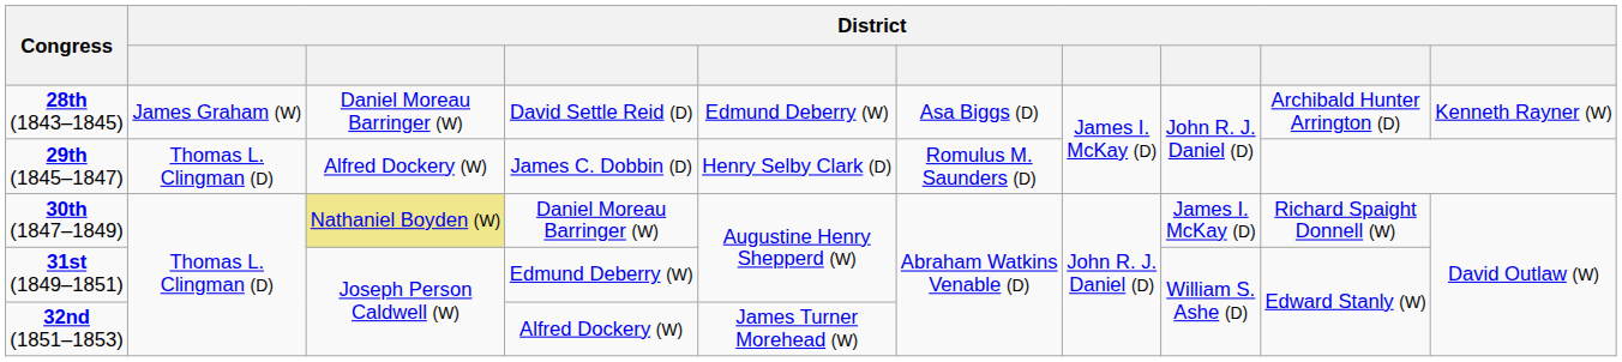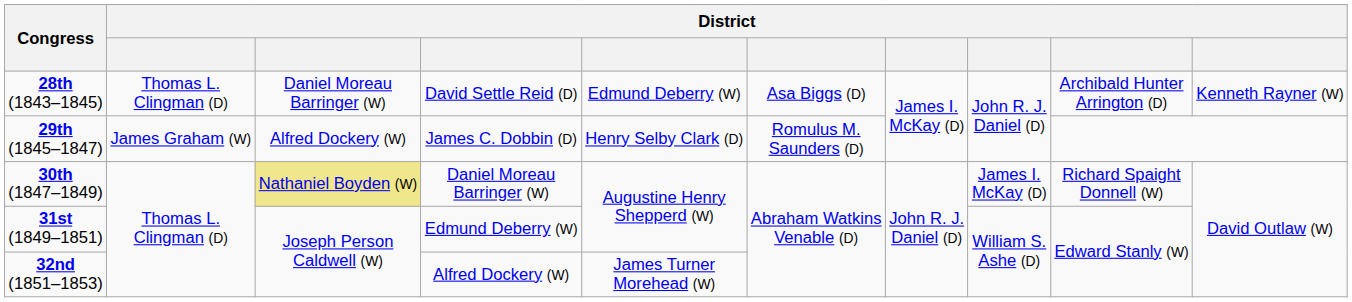 <table class=wikitable style="text-align:center">
 <tr style="height:2em">
 <th rowspan=2>Con­gress</th>
 <th colspan=9>District</th>
 </tr>
 <tr style="height:2em">
 <th></th>
 <th></th>
 <th></th>
 <th></th>
 <th></th>
 <th></th>
 <th></th>
 <th></th>
 <th></th>
 </tr>
 <tr style="height:2em">
 <td><strong><a href='#'>28th</a></strong><br>(1843–1845)</td>
-<td><a href='#'>James Graham</a> <small>(W)</small></td>
+<td><a href='#'>Thomas L.<br>Clingman</a> <small>(D)</small></td>
 <td><a href='#'>Daniel Moreau<br>Barringer</a> <small>(W)</small></td>
 <td><a href='#'>David Settle Reid</a> <small>(D)</small></td>
 <td><a href='#'>Edmund Deberry</a> <small>(W)</small></td>
 <td><a href='#'>Asa Biggs</a> <small>(D)</small></td>
 <td rowspan=2 ><a href='#'>James I.<br>McKay</a> <small>(D)</small></td>
 <td rowspan=2 ><a href='#'>John R. J.<br>Daniel</a> <small>(D)</small></td>
 <td><a href='#'>Archibald Hunter<br>Arrington</a> <small>(D)</small></td>
 <td><a href='#'>Kenneth Rayner</a> <small>(W)</small></td>
 </tr>
 <tr style="height:2em">
 <td><strong><a href='#'>29th</a></strong><br>(1845–1847)</td>
-<td><a href='#'>Thomas L.<br>Clingman</a> <small>(D)</small></td>
+<td><a href='#'>James Graham</a> <small>(W)</small></td>
 <td><a href='#'>Alfred Dockery</a> <small>(W)</small></td>
 <td><a href='#'>James C. Dobbin</a> <small>(D)</small></td>
 <td><a href='#'>Henry Selby Clark</a> <small>(D)</small></td>
 <td><a href='#'>Romulus M.<br>Saunders</a> <small>(D)</small></td>
 </tr>
 <tr style="height:2em">
 <td><strong><a href='#'>30th</a></strong><br>(1847–1849)</td>
 <td rowspan=3 ><a href='#'>Thomas L.<br>Clingman</a> <small>(D)</small></td>
 <td style="background: khaki;"><a href='#'>Nathaniel Boyden</a> <small>(W)</small></td>
 <td><a href='#'>Daniel Moreau<br>Barringer</a> <small>(W)</small></td>
 <td rowspan=2 ><a href='#'>Augustine Henry<br>Shepperd</a> <small>(W)</small></td>
 <td rowspan=3 ><a href='#'>Abraham Watkins<br>Venable</a> <small>(D)</small></td>
 <td rowspan=3 ><a href='#'>John R. J.<br>Daniel</a> <small>(D)</small></td>
 <td><a href='#'>James I.<br>McKay</a> <small>(D)</small></td>
 <td><a href='#'>Richard Spaight<br>Donnell</a> <small>(W)</small></td>
 <td rowspan=3 ><a href='#'>David Outlaw</a> <small>(W)</small></td>
 </tr>
 <tr style="height:2em">
 <td><strong><a href='#'>31st</a></strong><br>(1849–1851)</td>
 <td rowspan=2 ><a href='#'>Joseph Person<br>Caldwell</a> <small>(W)</small></td>
 <td><a href='#'>Edmund Deberry</a> <small>(W)</small></td>
 <td rowspan=2 ><a href='#'>William S.<br>Ashe</a> <small>(D)</small></td>
 <td rowspan=2 ><a href='#'>Edward Stanly</a> <small>(W)</small></td>
 </tr>
 <tr style="height:2em">
 <td><strong><a href='#'>32nd</a></strong><br>(1851–1853)</td>
 <td><a href='#'>Alfred Dockery</a> <small>(W)</small></td>
 <td><a href='#'>James Turner<br>Morehead</a> <small>(W)</small></td>
 </tr>
 </table>
